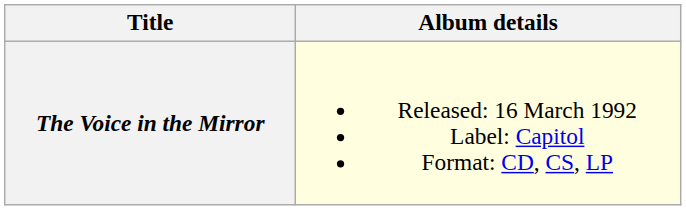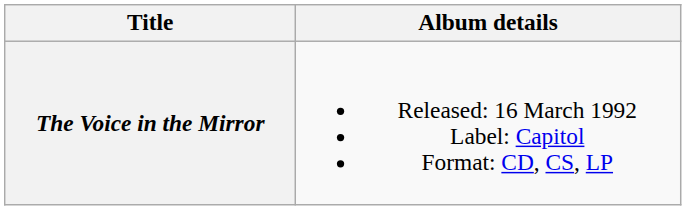 <table class="wikitable plainrowheaders" style="text-align:center;">
 <tr>
 <th scope="col" style="width:12em;">Title</th>
 <th scope="col"  style="width:16em;">Album details</th>
 </tr>
 <tr>
 <th scope="row"><em>The Voice in the Mirror</em></th>
-<td style="background: lightyellow;"><br><ul><li>Released: 16 March 1992</li><li>Label: <a href='#'>Capitol</a></li><li>Format: <a href='#'>CD</a>, <a href='#'>CS</a>, <a href='#'>LP</a></li></ul></td>
+<td><br><ul><li>Released: 16 March 1992</li><li>Label: <a href='#'>Capitol</a></li><li>Format: <a href='#'>CD</a>, <a href='#'>CS</a>, <a href='#'>LP</a></li></ul></td>
 </tr>
 </table>
